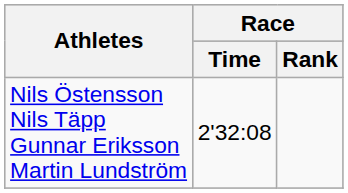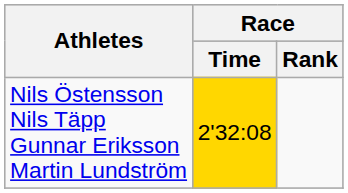 <table class="wikitable" border="1" style="font-size:90%">
 <tr>
 <th rowspan=2>Athletes</th>
 <th colspan=2>Race</th>
 </tr>
 <tr>
 <th>Time</th>
 <th>Rank</th>
 </tr>
 <tr>
 <td><a href='#'>Nils Östensson</a><br><a href='#'>Nils Täpp</a><br><a href='#'>Gunnar Eriksson</a><br><a href='#'>Martin Lundström</a></td>
-<td align=center>2'32:08</td>
+<td align=center style="background: gold;">2'32:08</td>
 <td align=center></td>
 </tr>
 </table>
